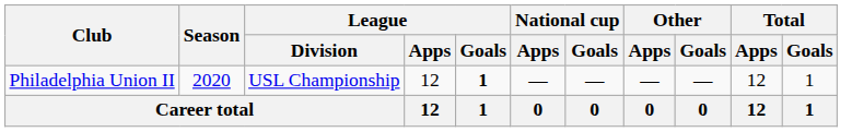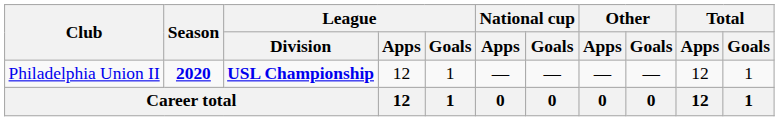 <table class=wikitable style=text-align:center>
 <tr>
 <th rowspan=2>Club</th>
 <th rowspan=2>Season</th>
 <th colspan=3>League</th>
 <th colspan=2>National cup</th>
 <th colspan=2>Other</th>
 <th colspan=2>Total</th>
 </tr>
 <tr>
 <th>Division</th>
 <th>Apps</th>
 <th>Goals</th>
 <th>Apps</th>
 <th>Goals</th>
 <th>Apps</th>
 <th>Goals</th>
 <th>Apps</th>
 <th>Goals</th>
 </tr>
 <tr>
 <td rowspan=1><a href='#'>Philadelphia Union II</a></td>
-<td><a href='#'>2020</a></td>
-<td><a href='#'>USL Championship</a></td>
+<td><strong><a href='#'>2020</a></strong></td>
+<td><strong><a href='#'>USL Championship</a></strong></td>
 <td>12</td>
-<td><strong>1</strong></td>
+<td>1</td>
 <td>—</td>
 <td>—</td>
 <td>—</td>
 <td>—</td>
 <td>12</td>
 <td>1</td>
 </tr>
 <tr>
 <th colspan=3>Career total</th>
 <th>12</th>
 <th>1</th>
 <th>0</th>
 <th>0</th>
 <th>0</th>
 <th>0</th>
 <th>12</th>
 <th>1</th>
 </tr>
 </table>
